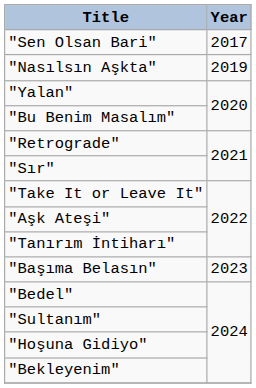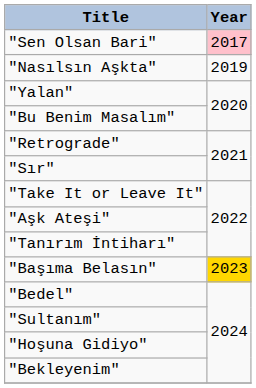 <table class="wikitable">
 <tr>
 <th style="background:LightSteelBlue">Title</th>
 <th style="background:LightSteelBlue">Year</th>
 </tr>
 <tr>
 <td>"Sen Olsan Bari"</td>
-<td>2017</td>
+<td style="background: pink;">2017</td>
 </tr>
 <tr>
 <td>"Nasılsın Aşkta"</td>
 <td>2019</td>
 </tr>
 <tr>
 <td>"Yalan"</td>
 <td rowspan="2">2020</td>
 </tr>
 <tr>
 <td>"Bu Benim Masalım"</td>
 </tr>
 <tr>
 <td>"Retrograde"</td>
 <td rowspan="2">2021</td>
 </tr>
 <tr>
 <td>"Sır"</td>
 </tr>
 <tr>
 <td>"Take It or Leave It"</td>
 <td rowspan="3">2022</td>
 </tr>
 <tr>
 <td>"Aşk Ateşi"</td>
 </tr>
 <tr>
 <td>"Tanırım İntiharı"</td>
 </tr>
 <tr>
 <td>"Başıma Belasın"</td>
-<td>2023</td>
+<td style="background: gold;">2023</td>
 </tr>
 <tr>
 <td>"Bedel"</td>
 <td rowspan="4">2024</td>
 </tr>
 <tr>
 <td>"Sultanım"</td>
 </tr>
 <tr>
 <td>"Hoşuna Gidiyo"</td>
 </tr>
 <tr>
 <td>"Bekleyenim"</td>
 </tr>
 <tr>
 </tr>
 </table>
